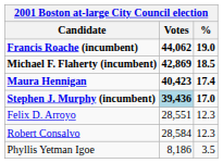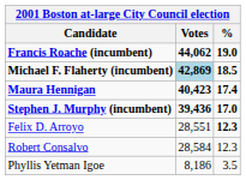 <table class=wikitable>
 <tr>
 <th colspan=5><a href='#'>2001 Boston at-large City Council election</a></th>
 </tr>
 <tr>
 <th>Candidate</th>
 <th>Votes</th>
 <th>%</th>
 </tr>
 <tr>
 <td><strong><a href='#'>Francis Roache</a> (incumbent)</strong></td>
 <td align="right"><strong>44,062</strong></td>
 <td align="right"><strong>19.0</strong></td>
 </tr>
 <tr>
 <td><strong>Michael F. Flaherty (incumbent)</strong></td>
-<td align="right"><strong>42,869</strong></td>
+<td align="right" style="background: lightblue;"><strong>42,869</strong></td>
 <td align="right"><strong>18.5</strong></td>
 </tr>
 <tr>
 <td><strong><a href='#'>Maura Hennigan</a></strong></td>
 <td align="right"><strong>40,423</strong></td>
 <td align="right"><strong>17.4</strong></td>
 </tr>
 <tr>
 <td><strong><a href='#'>Stephen J. Murphy</a> (incumbent)</strong></td>
-<td align="right" style="background: lightblue;"><strong>39,436</strong></td>
+<td align="right"><strong>39,436</strong></td>
 <td align="right"><strong>17.0</strong></td>
 </tr>
 <tr>
 <td><a href='#'>Felix D. Arroyo</a></td>
 <td align="right">28,551</td>
-<td align="right">12.3</td>
+<td align="right"><strong>12.3</strong></td>
 </tr>
 <tr>
 <td><a href='#'>Robert Consalvo</a></td>
 <td align="right">28,584</td>
 <td align="right">12.3</td>
 </tr>
 <tr>
 <td>Phyllis Yetman Igoe</td>
 <td align="right">8,186</td>
 <td align="right">3.5</td>
 </tr>
 </table>
